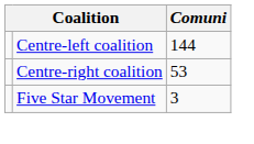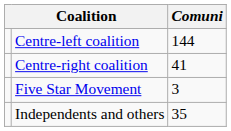 <table class="wikitable">
 <tr>
 <th colspan=2>Coalition</th>
 <th><em>Comuni</em></th>
 </tr>
 <tr>
 <td style="color:inherit;background:"></td>
 <td><a href='#'>Centre-left coalition</a></td>
 <td>144</td>
 </tr>
 <tr>
 <td style="color:inherit;background:"></td>
 <td><a href='#'>Centre-right coalition</a></td>
-<td>53</td>
+<td>41</td>
 </tr>
 <tr>
 <td style="color:inherit;background:"></td>
 <td><a href='#'>Five Star Movement</a></td>
 <td>3</td>
 </tr>
+<tr>
+<td style="color:inherit;background:"></td>
+<td>Independents and others</td>
+<td>35</td>
+</tr>
 </table>
